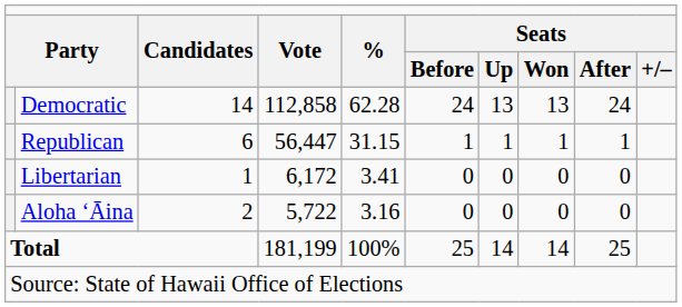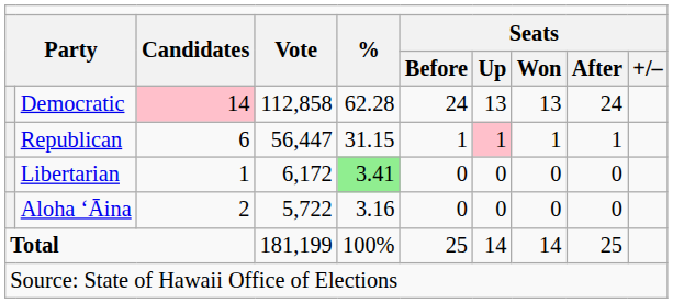 <table class="wikitable">
 <tr>
 <td colspan="15" align="center"></td>
 </tr>
 <tr>
 <th colspan="2" rowspan="2">Party</th>
 <th rowspan="2">Candidates</th>
 <th rowspan="2">Vote</th>
 <th rowspan="2">%</th>
 <th colspan="5">Seats</th>
 </tr>
 <tr>
 <th>Before</th>
 <th>Up</th>
 <th>Won</th>
 <th>After</th>
 <th>+/–</th>
 </tr>
 <tr>
 <th style="background-color:"></th>
 <td><a href='#'>Democratic</a></td>
-<td align="right">14</td>
+<td align="right" style="background: pink;">14</td>
 <td align="right">112,858</td>
 <td align="right">62.28</td>
 <td align="right">24</td>
 <td align="right">13</td>
 <td align="right">13</td>
 <td align="right">24</td>
 <td align="right"></td>
 </tr>
 <tr>
 <th style="background-color:"></th>
 <td><a href='#'>Republican</a></td>
 <td align="right">6</td>
 <td align="right">56,447</td>
 <td align="right">31.15</td>
 <td align="right">1</td>
-<td align="right">1</td>
+<td align="right" style="background: pink;">1</td>
 <td align="right">1</td>
 <td align="right">1</td>
 <td align="right"></td>
 </tr>
 <tr>
 <th style="background-color:"></th>
 <td><a href='#'>Libertarian</a></td>
 <td align="right">1</td>
 <td align="right">6,172</td>
-<td align="right">3.41</td>
+<td align="right" style="background: lightgreen;">3.41</td>
 <td align="right">0</td>
 <td align="right">0</td>
 <td align="right">0</td>
 <td align="right">0</td>
 <td align="right"></td>
 </tr>
 <tr>
 <th style="background-color:"></th>
 <td><a href='#'>Aloha ʻĀina</a></td>
 <td align="right">2</td>
 <td align="right">5,722</td>
 <td align="right">3.16</td>
 <td align="right">0</td>
 <td align="right">0</td>
 <td align="right">0</td>
 <td align="right">0</td>
 <td align="right"></td>
 </tr>
 <tr>
 <td colspan="3" align="left"><strong>Total</strong></td>
 <td align="right">181,199</td>
 <td align="right">100%</td>
 <td align="right">25</td>
 <td align="right">14</td>
 <td align="right">14</td>
 <td align="right">25</td>
 <td align="right"></td>
 </tr>
 <tr>
 <td colspan="10">Source: State of Hawaii Office of Elections</td>
 </tr>
 </table>
